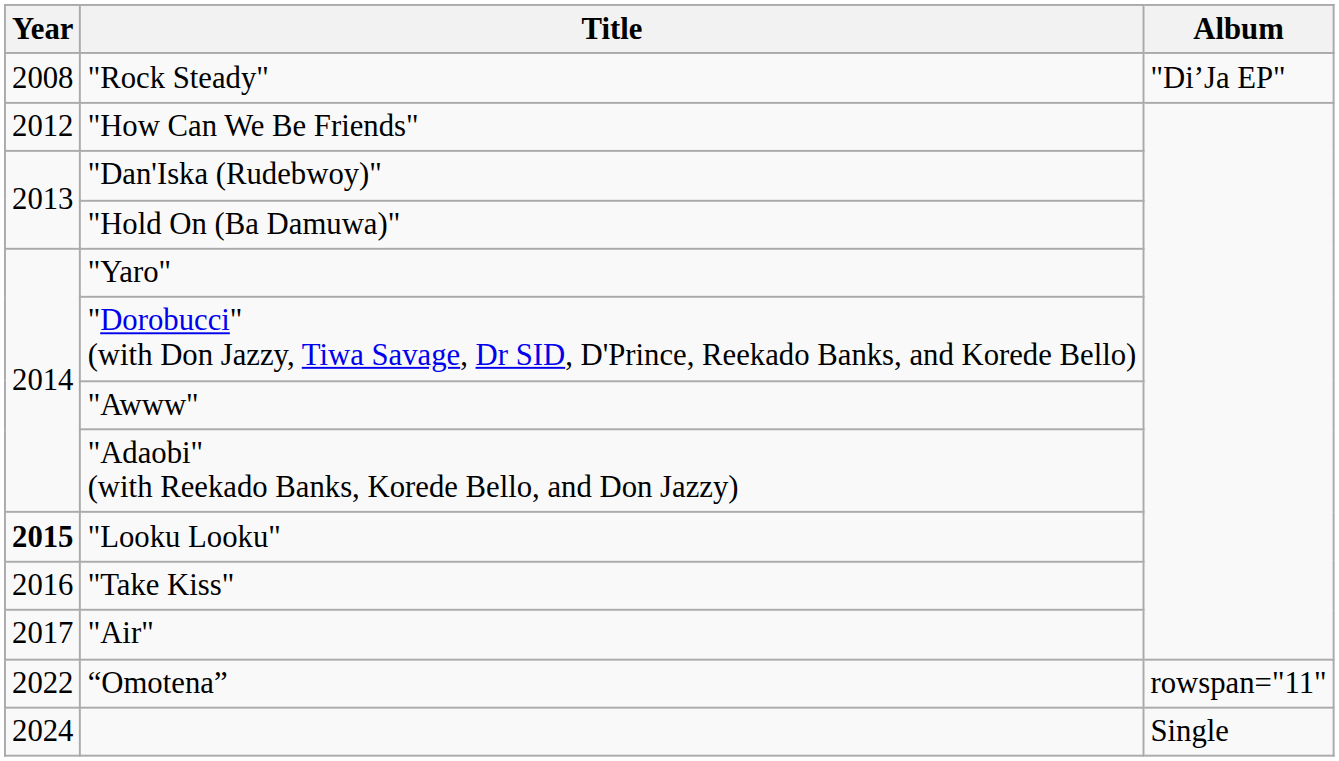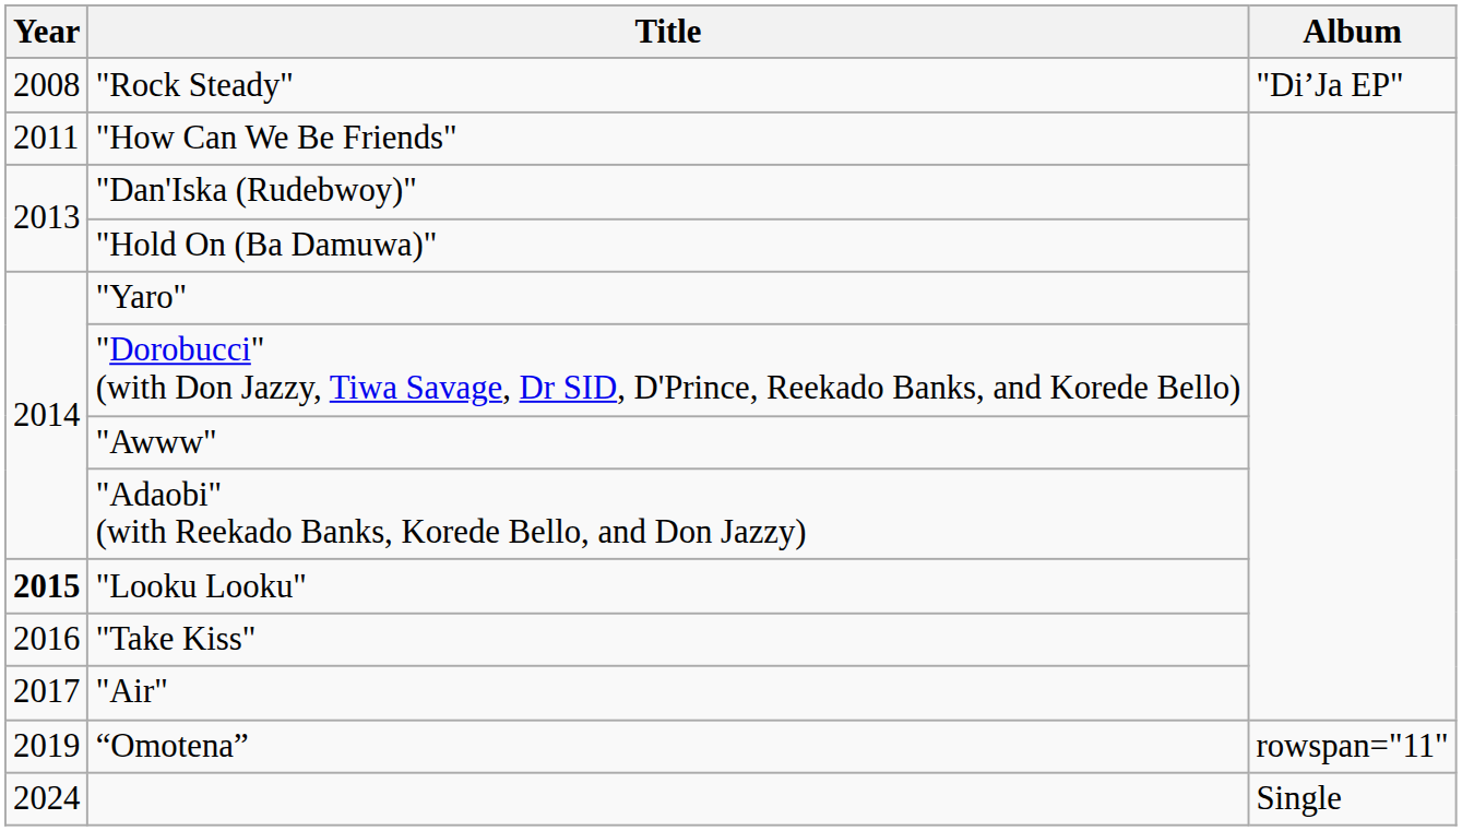 <table class="wikitable sortable">
 <tr>
 <th>Year</th>
 <th>Title</th>
 <th>Album</th>
 </tr>
 <tr>
 <td rowspan="1">2008</td>
 <td>"Rock Steady"</td>
 <td>"Di’Ja EP"</td>
 </tr>
 <tr>
-<td rowspan="1">2012</td>
+<td rowspan="1">2011</td>
 <td>"How Can We Be Friends"</td>
 </tr>
 <tr>
 <td rowspan="2">2013</td>
 <td>"Dan'Iska (Rudebwoy)"</td>
 </tr>
 <tr>
 <td>"Hold On (Ba Damuwa)"</td>
 </tr>
 <tr>
 <td rowspan="4">2014</td>
 <td>"Yaro"</td>
 </tr>
 <tr>
 <td>"<a href='#'>Dorobucci</a>"<br><span>(with Don Jazzy, <a href='#'>Tiwa Savage</a>, <a href='#'>Dr SID</a>, D'Prince, Reekado Banks, and Korede Bello)</span></td>
 </tr>
 <tr>
 <td>"Awww"</td>
 </tr>
 <tr>
 <td>"Adaobi"<br><span>(with Reekado Banks, Korede Bello, and Don Jazzy)</span></td>
 </tr>
 <tr>
 <td><strong>2015</strong></td>
 <td "Awww">"Looku Looku"</td>
 </tr>
 <tr>
 <td>2016</td>
 <td>"Take Kiss"</td>
 </tr>
 <tr>
 <td>2017</td>
 <td>"Air"</td>
 </tr>
 <tr>
-<td>2022</td>
+<td>2019</td>
 <td>“Omotena”</td>
 <td>rowspan="11" </td>
 </tr>
 <tr>
 <td>2024</td>
 <td></td>
 <td>Single</td>
 </tr>
 </table>
